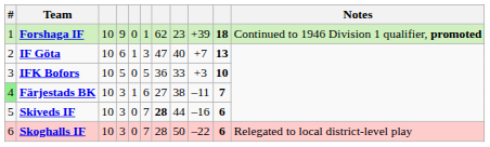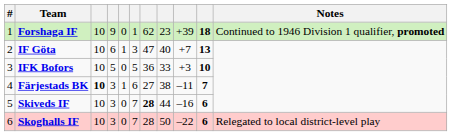 <table class="wikitable sortable">
 <tr>
 <th>#</th>
 <th>Team</th>
 <th></th>
 <th></th>
 <th></th>
 <th></th>
 <th></th>
 <th></th>
 <th></th>
 <th></th>
 <th>Notes</th>
 </tr>
 <tr style="background: #D0F0C0;">
 <td>1</td>
 <td style="font-weight:bold;"><a href='#'>Forshaga IF</a></td>
 <td style="text-align: center;">10</td>
 <td style="text-align: center;">9</td>
 <td style="text-align: center;">0</td>
 <td style="text-align: center;">1</td>
 <td style="text-align: center;">62</td>
 <td style="text-align: center;">23</td>
 <td style="text-align: center;">+39</td>
 <td style="text-align: center; font-weight:bold;">18</td>
 <td>Continued to 1946 Division 1 qualifier, <strong>promoted</strong></td>
 </tr>
 <tr>
 <td>2</td>
 <td style="font-weight:bold;"><a href='#'>IF Göta</a></td>
 <td style="text-align: center;">10</td>
 <td style="text-align: center;">6</td>
 <td style="text-align: center;">1</td>
 <td style="text-align: center;">3</td>
 <td style="text-align: center;">47</td>
 <td style="text-align: center;">40</td>
 <td style="text-align: center;">+7</td>
 <td style="text-align: center; font-weight:bold;">13</td>
 </tr>
 <tr>
 <td>3</td>
 <td style="font-weight:bold;"><a href='#'>IFK Bofors</a></td>
 <td style="text-align: center;">10</td>
 <td style="text-align: center;">5</td>
 <td style="text-align: center;">0</td>
 <td style="text-align: center;">5</td>
 <td style="text-align: center;">36</td>
 <td style="text-align: center;">33</td>
 <td style="text-align: center;">+3</td>
 <td style="text-align: center; font-weight:bold;">10</td>
 </tr>
 <tr>
-<td style="background: lightgreen;">4</td>
+<td>4</td>
 <td style="font-weight:bold;"><a href='#'>Färjestads BK</a></td>
-<td style="text-align: center;">10</td>
+<td style="text-align: center;"><strong>10</strong></td>
 <td style="text-align: center;">3</td>
 <td style="text-align: center;">1</td>
 <td style="text-align: center;">6</td>
 <td style="text-align: center;">27</td>
 <td style="text-align: center;">38</td>
 <td style="text-align: center;">–11</td>
 <td style="text-align: center; font-weight:bold;">7</td>
 </tr>
 <tr>
 <td>5</td>
 <td style="font-weight:bold;"><a href='#'>Skiveds IF</a></td>
 <td style="text-align: center;">10</td>
 <td style="text-align: center;">3</td>
 <td style="text-align: center;">0</td>
 <td style="text-align: center;">7</td>
 <td style="text-align: center;"><strong>28</strong></td>
 <td style="text-align: center;">44</td>
 <td style="text-align: center;">–16</td>
 <td style="text-align: center; font-weight:bold;">6</td>
 </tr>
 <tr style="background: #FFCCCC;">
 <td>6</td>
 <td style="font-weight:bold;"><a href='#'>Skoghalls IF</a></td>
 <td style="text-align: center;">10</td>
 <td style="text-align: center;">3</td>
 <td style="text-align: center;">0</td>
 <td style="text-align: center;">7</td>
 <td style="text-align: center;">28</td>
 <td style="text-align: center;">50</td>
 <td style="text-align: center;">–22</td>
 <td style="text-align: center; font-weight:bold;">6</td>
 <td>Relegated to local district-level play</td>
 </tr>
 </table>
